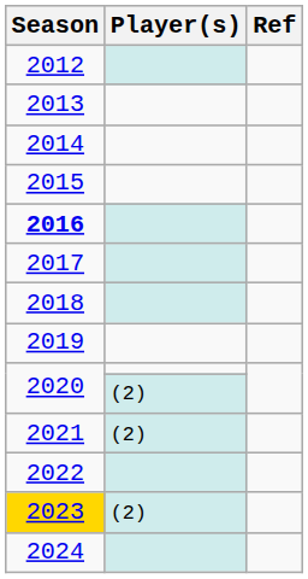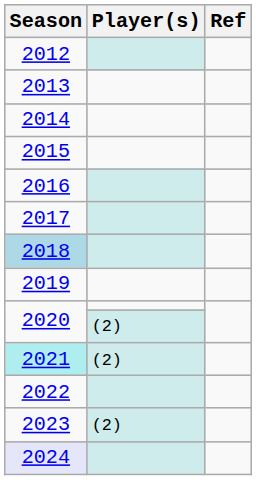 <table class="wikitable sortable" style="text-align:center">
 <tr>
 <th>Season</th>
 <th>Player(s)</th>
 <th class="unsortable">Ref</th>
 </tr>
 <tr>
 <td><a href='#'>2012</a></td>
 <td align=left bgcolor="#CFECEC"></td>
 <td></td>
 </tr>
 <tr>
 <td><a href='#'>2013</a></td>
 <td align=left></td>
 <td></td>
 </tr>
 <tr>
 <td><a href='#'>2014</a></td>
 <td align=left></td>
 <td></td>
 </tr>
 <tr>
 <td><a href='#'>2015</a></td>
 <td align=left></td>
 <td></td>
 </tr>
 <tr>
-<td><strong><a href='#'>2016</a></strong></td>
+<td><a href='#'>2016</a></td>
 <td align=left bgcolor="#CFECEC"></td>
 <td></td>
 </tr>
 <tr>
 <td><a href='#'>2017</a></td>
 <td align=left bgcolor="#CFECEC"></td>
 <td></td>
 </tr>
 <tr>
-<td><a href='#'>2018</a></td>
+<td style="background: lightblue;"><a href='#'>2018</a></td>
 <td align=left bgcolor="#CFECEC"></td>
 <td></td>
 </tr>
 <tr>
 <td><a href='#'>2019</a></td>
 <td align=left></td>
 <td></td>
 </tr>
 <tr>
 <td rowspan=2><a href='#'>2020</a></td>
 <td align=left></td>
 <td rowspan=2></td>
 </tr>
 <tr>
 <td align=left bgcolor="#CFECEC"> <small>(2)</small></td>
 </tr>
 <tr>
-<td><a href='#'>2021</a></td>
+<td style="background: paleturquoise;"><a href='#'>2021</a></td>
 <td align=left bgcolor="#CFECEC"> <small>(2)</small></td>
 <td></td>
 </tr>
 <tr>
 <td><a href='#'>2022</a></td>
 <td align=left bgcolor="#CFECEC"></td>
 <td></td>
 </tr>
 <tr>
-<td style="background: gold;"><a href='#'>2023</a></td>
+<td><a href='#'>2023</a></td>
 <td align=left bgcolor="#CFECEC"> <small>(2)</small></td>
 <td></td>
 </tr>
 <tr>
-<td><a href='#'>2024</a></td>
+<td style="background: lavender;"><a href='#'>2024</a></td>
 <td align=left bgcolor="#CFECEC"></td>
 <td></td>
 </tr>
 </table>
